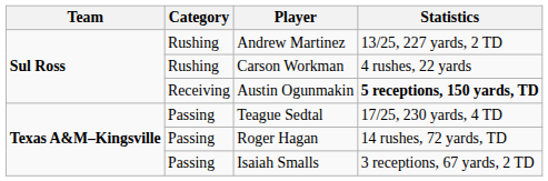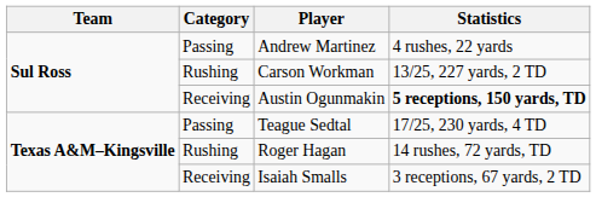 <table class="wikitable" style="float: right;">
 <tr>
 <th>Team</th>
 <th>Category</th>
 <th>Player</th>
 <th>Statistics</th>
 </tr>
 <tr>
 <td rowspan=3><strong>Sul Ross</strong></td>
-<td>Rushing</td>
+<td>Passing</td>
 <td>Andrew Martinez</td>
-<td>13/25, 227 yards, 2 TD</td>
+<td>4 rushes, 22 yards</td>
 </tr>
 <tr>
 <td>Rushing</td>
 <td>Carson Workman</td>
-<td>4 rushes, 22 yards</td>
+<td>13/25, 227 yards, 2 TD</td>
 </tr>
 <tr>
 <td>Receiving</td>
 <td>Austin Ogunmakin</td>
 <td><strong>5 receptions, 150 yards, TD</strong></td>
 </tr>
 <tr>
 <td rowspan=3><strong>Texas A&M–Kingsville</strong></td>
 <td>Passing</td>
 <td>Teague Sedtal</td>
 <td>17/25, 230 yards, 4 TD</td>
 </tr>
 <tr>
-<td>Passing</td>
+<td>Rushing</td>
 <td>Roger Hagan</td>
 <td>14 rushes, 72 yards, TD</td>
 </tr>
 <tr>
-<td>Passing</td>
+<td>Receiving</td>
 <td>Isaiah Smalls</td>
 <td>3 receptions, 67 yards, 2 TD</td>
 </tr>
 </table>
